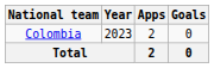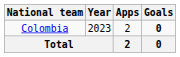 <table class=wikitable style=text-align:center>
 <tr>
 <th>National team</th>
 <th>Year</th>
 <th>Apps</th>
 <th>Goals</th>
 </tr>
 <tr>
 <td><a href='#'>Colombia</a></td>
 <td>2023</td>
 <td>2</td>
-<td>0</td>
+<td><strong>0</strong></td>
 </tr>
 <tr>
 <th colspan="2">Total</th>
 <th>2</th>
 <th>0</th>
 </tr>
 </table>
